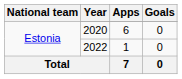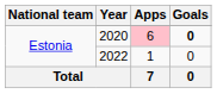 <table class=wikitable style="text-align: center;">
 <tr>
 <th>National team</th>
 <th>Year</th>
 <th>Apps</th>
 <th>Goals</th>
 </tr>
 <tr>
 <td rowspan=3><a href='#'>Estonia</a></td>
 </tr>
 <tr>
 <td>2020</td>
-<td>6</td>
-<td>0</td>
+<td style="background: pink;">6</td>
+<td><strong>0</strong></td>
 </tr>
 <tr>
 <td>2022</td>
 <td>1</td>
 <td>0</td>
 </tr>
 <tr>
 <th colspan=2>Total</th>
 <th>7</th>
 <th>0</th>
 </tr>
 </table>
